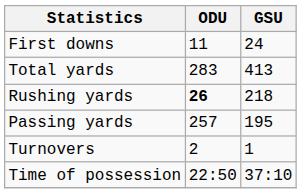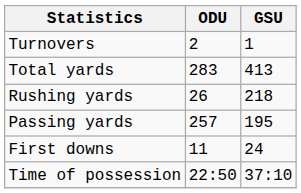 <table class="wikitable" style="float: left;">
 <tr>
 <th>Statistics</th>
 <th>ODU</th>
 <th>GSU</th>
 </tr>
 <tr>
-<td>First downs</td>
-<td>11</td>
-<td>24</td>
+<td>Turnovers</td>
+<td>2</td>
+<td>1</td>
 </tr>
 <tr>
 <td>Total yards</td>
 <td>283</td>
 <td>413</td>
 </tr>
 <tr>
 <td>Rushing yards</td>
-<td><strong>26</strong></td>
+<td>26</td>
 <td>218</td>
 </tr>
 <tr>
 <td>Passing yards</td>
 <td>257</td>
 <td>195</td>
 </tr>
 <tr>
-<td>Turnovers</td>
-<td>2</td>
-<td>1</td>
+<td>First downs</td>
+<td>11</td>
+<td>24</td>
 </tr>
 <tr>
 <td>Time of possession</td>
 <td>22:50</td>
 <td>37:10</td>
 </tr>
 <tr>
 </tr>
 </table>
